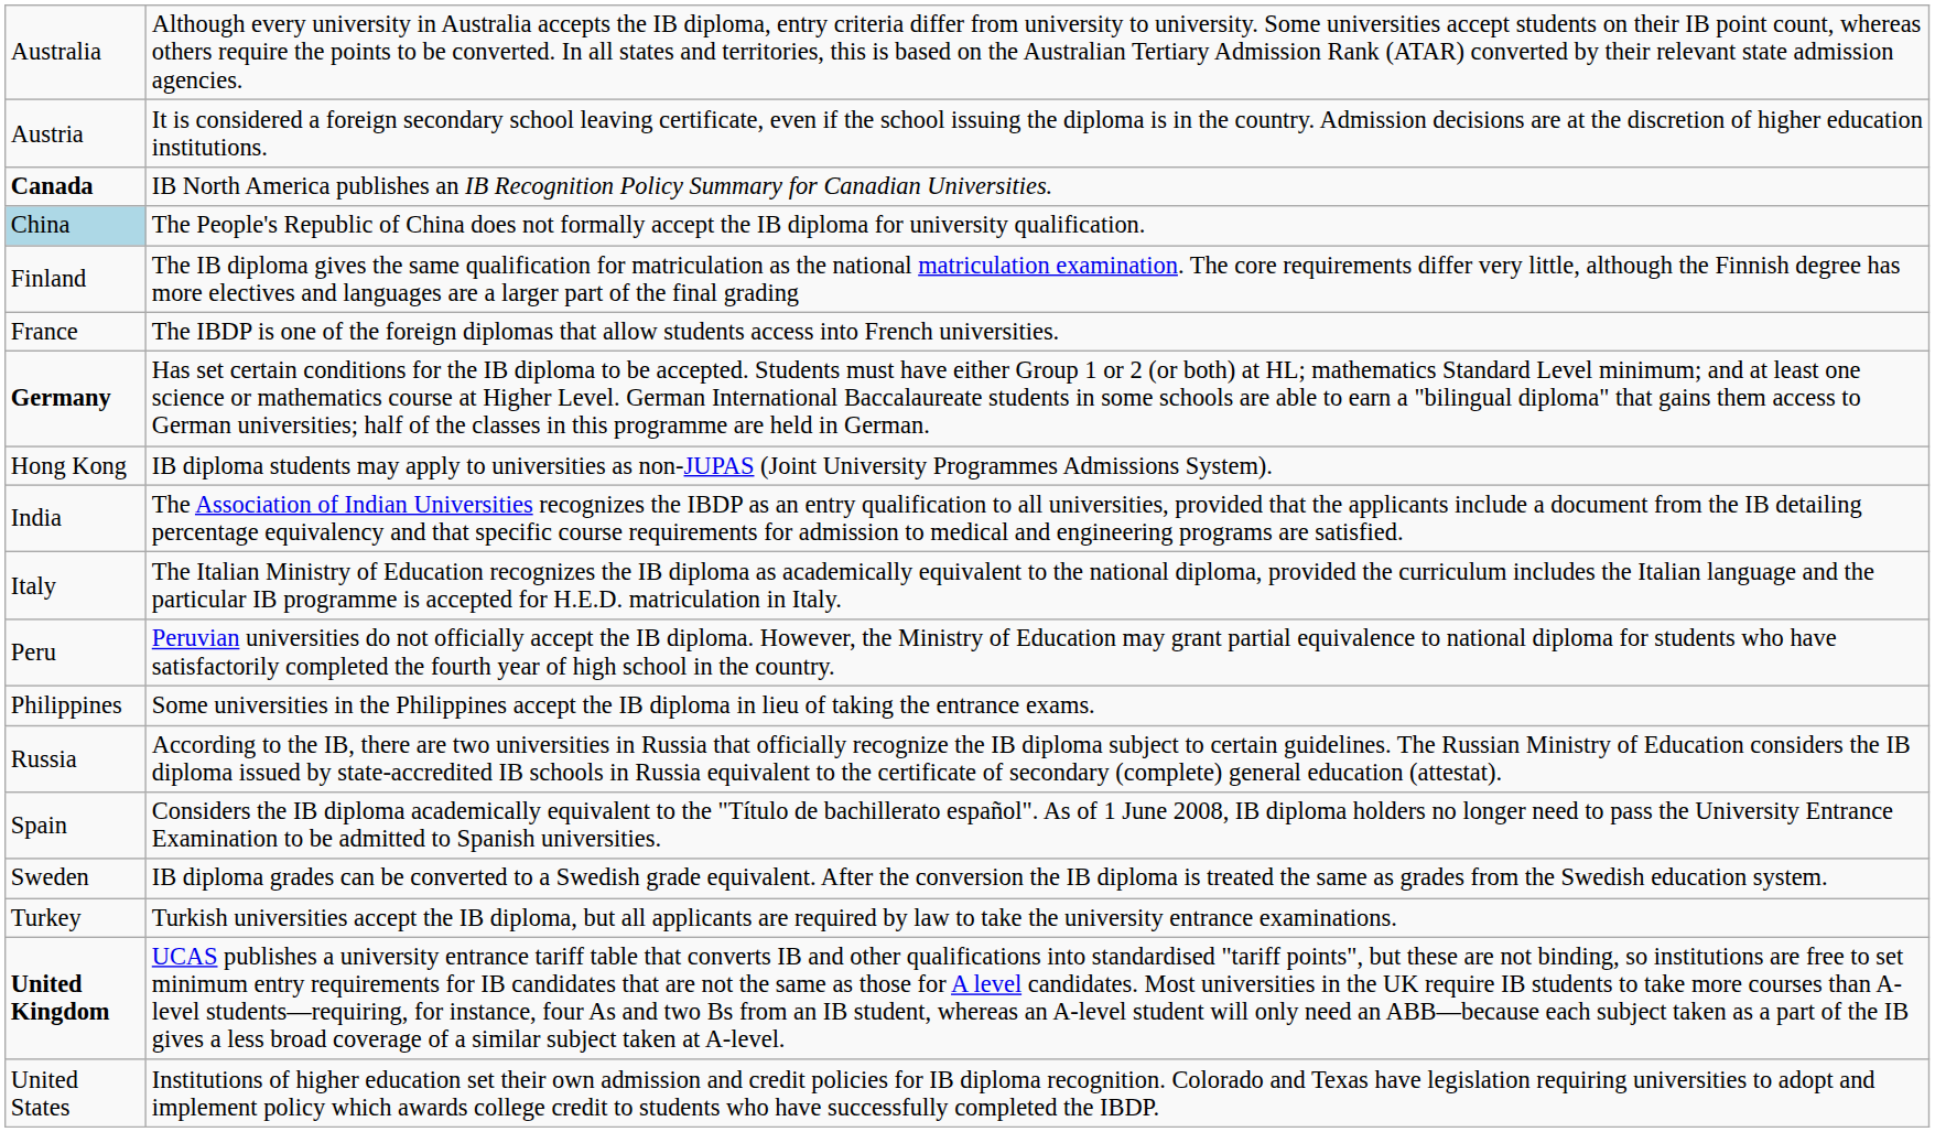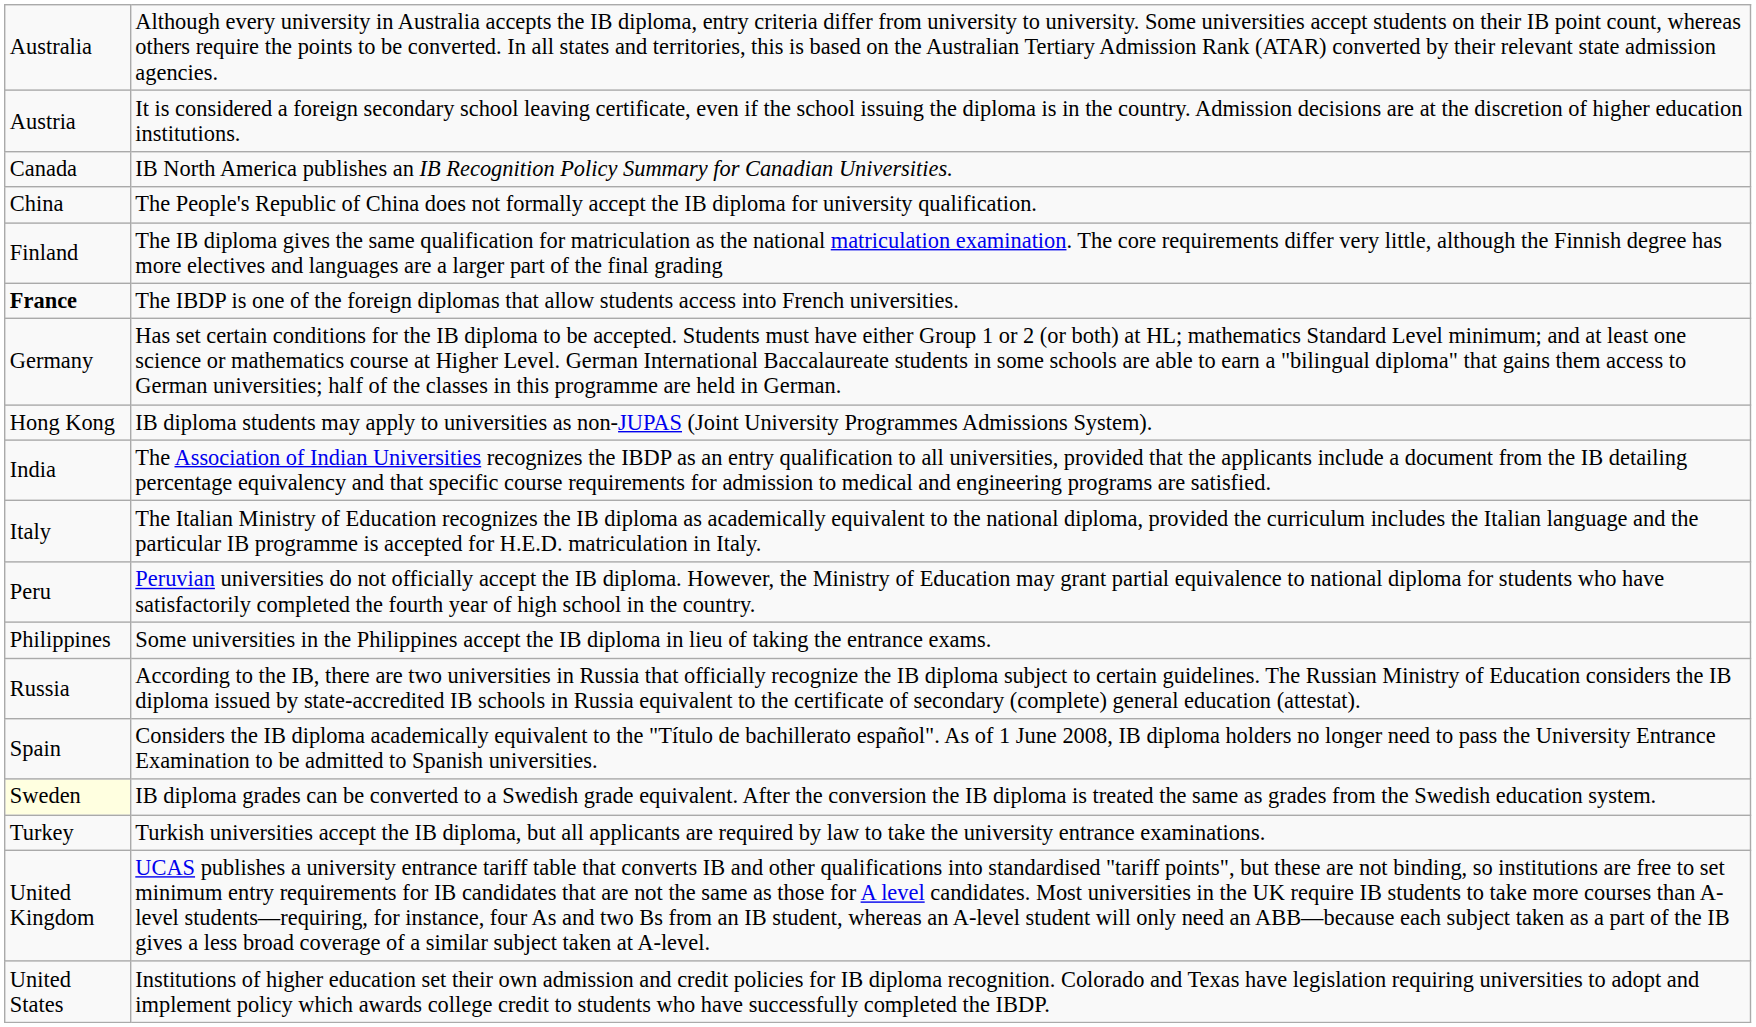 <table class="wikitable">
 <tr>
 <td>Australia</td>
 <td>Although every university in Australia accepts the IB diploma, entry criteria differ from university to university. Some universities accept students on their IB point count, whereas others require the points to be converted. In all states and territories, this is based on the Australian Tertiary Admission Rank (ATAR) converted by their relevant state admission agencies.</td>
 </tr>
 <tr>
 <td>Austria</td>
 <td>It is considered a foreign secondary school leaving certificate, even if the school issuing the diploma is in the country. Admission decisions are at the discretion of higher education institutions.</td>
 </tr>
 <tr>
-<td><strong>Canada</strong></td>
+<td>Canada</td>
 <td>IB North America publishes an <em>IB Recognition Policy Summary for Canadian Universities.</em></td>
 </tr>
 <tr>
-<td style="background: lightblue;">China</td>
+<td>China</td>
 <td>The People's Republic of China does not formally accept the IB diploma for university qualification.</td>
 </tr>
 <tr>
 <td>Finland</td>
 <td>The IB diploma gives the same qualification for matriculation as the national <a href='#'>matriculation examination</a>. The core requirements differ very little, although the Finnish degree has more electives and languages are a larger part of the final grading</td>
 </tr>
 <tr>
-<td>France</td>
+<td><strong>France</strong></td>
 <td>The IBDP is one of the foreign diplomas that allow students access into French universities.</td>
 </tr>
 <tr>
-<td><strong>Germany</strong></td>
+<td>Germany</td>
 <td>Has set certain conditions for the IB diploma to be accepted. Students must have either Group 1 or 2 (or both) at HL; mathematics Standard Level minimum; and at least one science or mathematics course at Higher Level. German International Baccalaureate students in some schools are able to earn a "bilingual diploma" that gains them access to German universities; half of the classes in this programme are held in German.</td>
 </tr>
 <tr>
 <td>Hong Kong</td>
 <td>IB diploma students may apply to universities as non-<a href='#'>JUPAS</a> (Joint University Programmes Admissions System).</td>
 </tr>
 <tr>
 <td>India</td>
 <td>The <a href='#'>Association of Indian Universities</a> recognizes the IBDP as an entry qualification to all universities, provided that the applicants include a document from the IB detailing percentage equivalency and that specific course requirements for admission to medical and engineering programs are satisfied.</td>
 </tr>
 <tr>
 <td>Italy</td>
 <td>The Italian Ministry of Education recognizes the IB diploma as academically equivalent to the national diploma, provided the curriculum includes the Italian language and the particular IB programme is accepted for H.E.D. matriculation in Italy.</td>
 </tr>
 <tr>
 <td>Peru</td>
 <td><a href='#'>Peruvian</a> universities do not officially accept the IB diploma. However, the Ministry of Education may grant partial equivalence to national diploma for students who have satisfactorily completed the fourth year of high school in the country.</td>
 </tr>
 <tr>
 <td>Philippines</td>
 <td>Some universities in the Philippines accept the IB diploma in lieu of taking the entrance exams.</td>
 </tr>
 <tr>
 <td>Russia</td>
 <td>According to the IB, there are two universities in Russia that officially recognize the IB diploma subject to certain guidelines. The Russian Ministry of Education considers the IB diploma issued by state-accredited IB schools in Russia equivalent to the certificate of secondary (complete) general education (attestat).</td>
 </tr>
 <tr>
 <td>Spain</td>
 <td>Considers the IB diploma academically equivalent to the "Título de bachillerato español". As of 1 June 2008, IB diploma holders no longer need to pass the University Entrance Examination to be admitted to Spanish universities.</td>
 </tr>
 <tr>
-<td>Sweden</td>
+<td style="background: lightyellow;">Sweden</td>
 <td>IB diploma grades can be converted to a Swedish grade equivalent. After the conversion the IB diploma is treated the same as grades from the Swedish education system.</td>
 </tr>
 <tr>
 <td>Turkey</td>
 <td>Turkish universities accept the IB diploma, but all applicants are required by law to take the university entrance examinations.</td>
 </tr>
 <tr>
-<td><strong>United Kingdom</strong></td>
+<td>United Kingdom</td>
 <td><a href='#'>UCAS</a> publishes a university entrance tariff table that converts IB and other qualifications into standardised "tariff points", but these are not binding, so institutions are free to set minimum entry requirements for IB candidates that are not the same as those for <a href='#'>A level</a> candidates. Most universities in the UK require IB students to take more courses than A-level students—requiring, for instance, four As and two Bs from an IB student, whereas an A-level student will only need an ABB—because each subject taken as a part of the IB gives a less broad coverage of a similar subject taken at A-level.</td>
 </tr>
 <tr>
 <td>United States</td>
 <td>Institutions of higher education set their own admission and credit policies for IB diploma recognition. Colorado and Texas have legislation requiring universities to adopt and implement policy which awards college credit to students who have successfully completed the IBDP.</td>
 </tr>
 </table>
